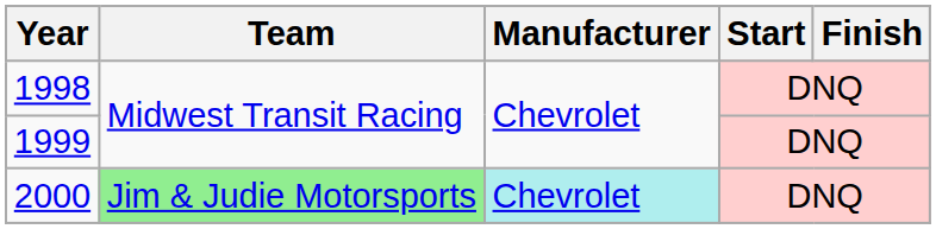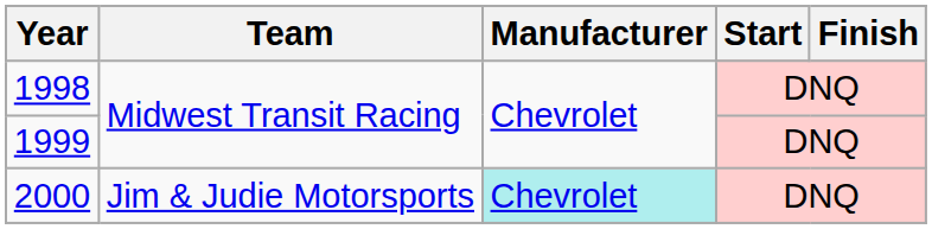 <table class="wikitable" style="font-size: 90%;">
 <tr>
 <th>Year</th>
 <th>Team</th>
 <th>Manufacturer</th>
 <th>Start</th>
 <th>Finish</th>
 </tr>
 <tr>
 <td><a href='#'>1998</a></td>
 <td rowspan=2><a href='#'>Midwest Transit Racing</a></td>
 <td rowspan=2><a href='#'>Chevrolet</a></td>
 <td align=center colspan=2 style="background:#FFCFCF;">DNQ</td>
 </tr>
 <tr>
 <td><a href='#'>1999</a></td>
 <td align=center colspan=2 style="background:#FFCFCF;">DNQ</td>
 </tr>
 <tr>
 <td><a href='#'>2000</a></td>
-<td style="background: lightgreen;"><a href='#'>Jim & Judie Motorsports</a></td>
+<td><a href='#'>Jim & Judie Motorsports</a></td>
 <td style="background: paleturquoise;"><a href='#'>Chevrolet</a></td>
 <td align=center colspan=2 style="background:#FFCFCF;">DNQ</td>
 </tr>
 </table>
